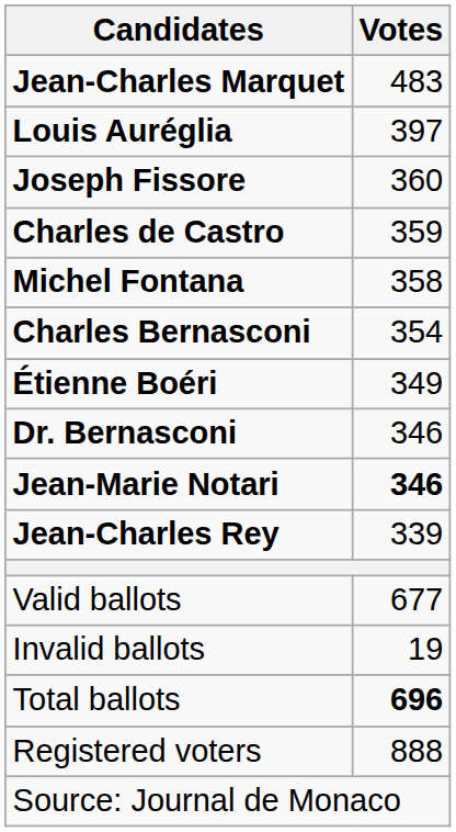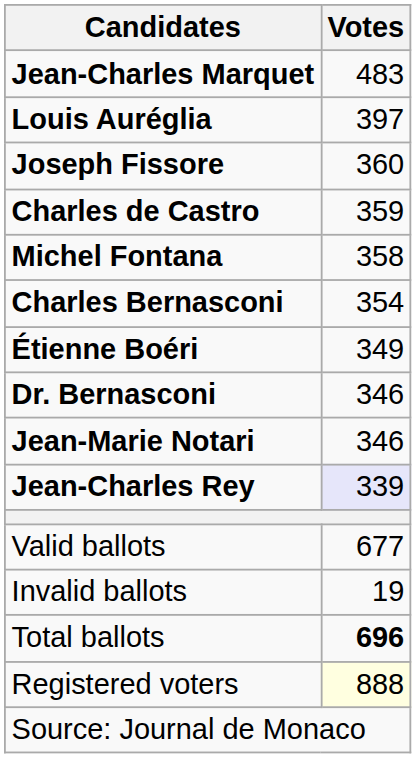 <table class="wikitable" style="text-align:right">
 <tr>
 <th>Candidates</th>
 <th>Votes</th>
 </tr>
 <tr>
 <td align=left><strong>Jean-Charles Marquet</strong></td>
 <td>483</td>
 </tr>
 <tr>
 <td align=left><strong>Louis Auréglia</strong></td>
 <td>397</td>
 </tr>
 <tr>
 <td align=left><strong>Joseph Fissore</strong></td>
 <td>360</td>
 </tr>
 <tr>
 <td align=left><strong>Charles de Castro</strong></td>
 <td>359</td>
 </tr>
 <tr>
 <td align=left><strong>Michel Fontana</strong></td>
 <td>358</td>
 </tr>
 <tr>
 <td align=left><strong>Charles Bernasconi</strong></td>
 <td>354</td>
 </tr>
 <tr>
 <td align=left><strong>Étienne Boéri</strong></td>
 <td>349</td>
 </tr>
 <tr>
 <td align=left><strong>Dr. Bernasconi</strong></td>
 <td>346</td>
 </tr>
 <tr>
 <td align=left><strong>Jean-Marie Notari</strong></td>
-<td><strong>346</strong></td>
+<td>346</td>
 </tr>
 <tr>
 <td align=left><strong>Jean-Charles Rey</strong></td>
-<td>339</td>
+<td style="background: lavender;">339</td>
 </tr>
 <tr>
 <th colspan=2></th>
 </tr>
 <tr>
 <td align=left>Valid ballots</td>
 <td>677</td>
 </tr>
 <tr>
 <td align=left>Invalid ballots</td>
 <td>19</td>
 </tr>
 <tr>
 <td align=left>Total ballots</td>
 <td><strong>696</strong></td>
 </tr>
 <tr>
 <td align=left>Registered voters</td>
-<td>888</td>
+<td style="background: lightyellow;">888</td>
 </tr>
 <tr>
 <td colspan=2 align=left>Source: Journal de Monaco</td>
 </tr>
 </table>
